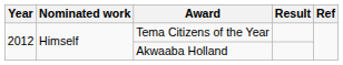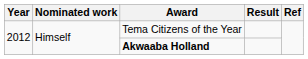 <table class="wikitable">
 <tr>
 <th>Year</th>
 <th>Nominated work</th>
 <th>Award</th>
 <th>Result</th>
 <th>Ref</th>
 </tr>
 <tr>
 <td rowspan="2">2012</td>
 <td rowspan="2">Himself</td>
 <td>Tema Citizens of the Year</td>
 <td></td>
 <td rowspan="2"></td>
 </tr>
 <tr>
-<td>Akwaaba Holland</td>
+<td><strong>Akwaaba Holland</strong></td>
 <td></td>
 </tr>
 </table>
